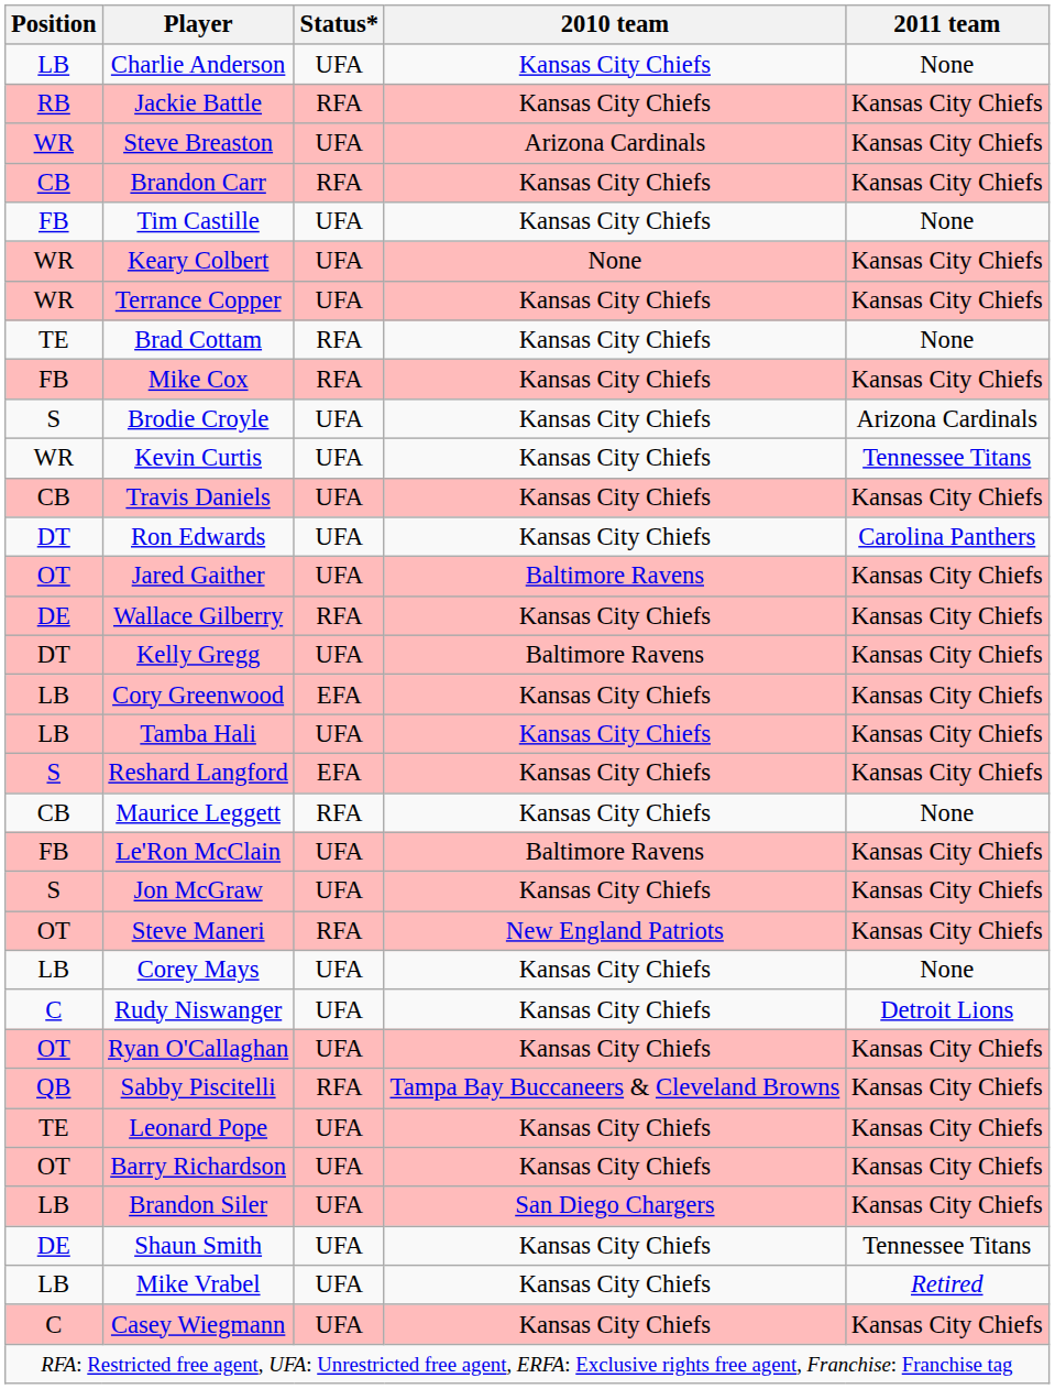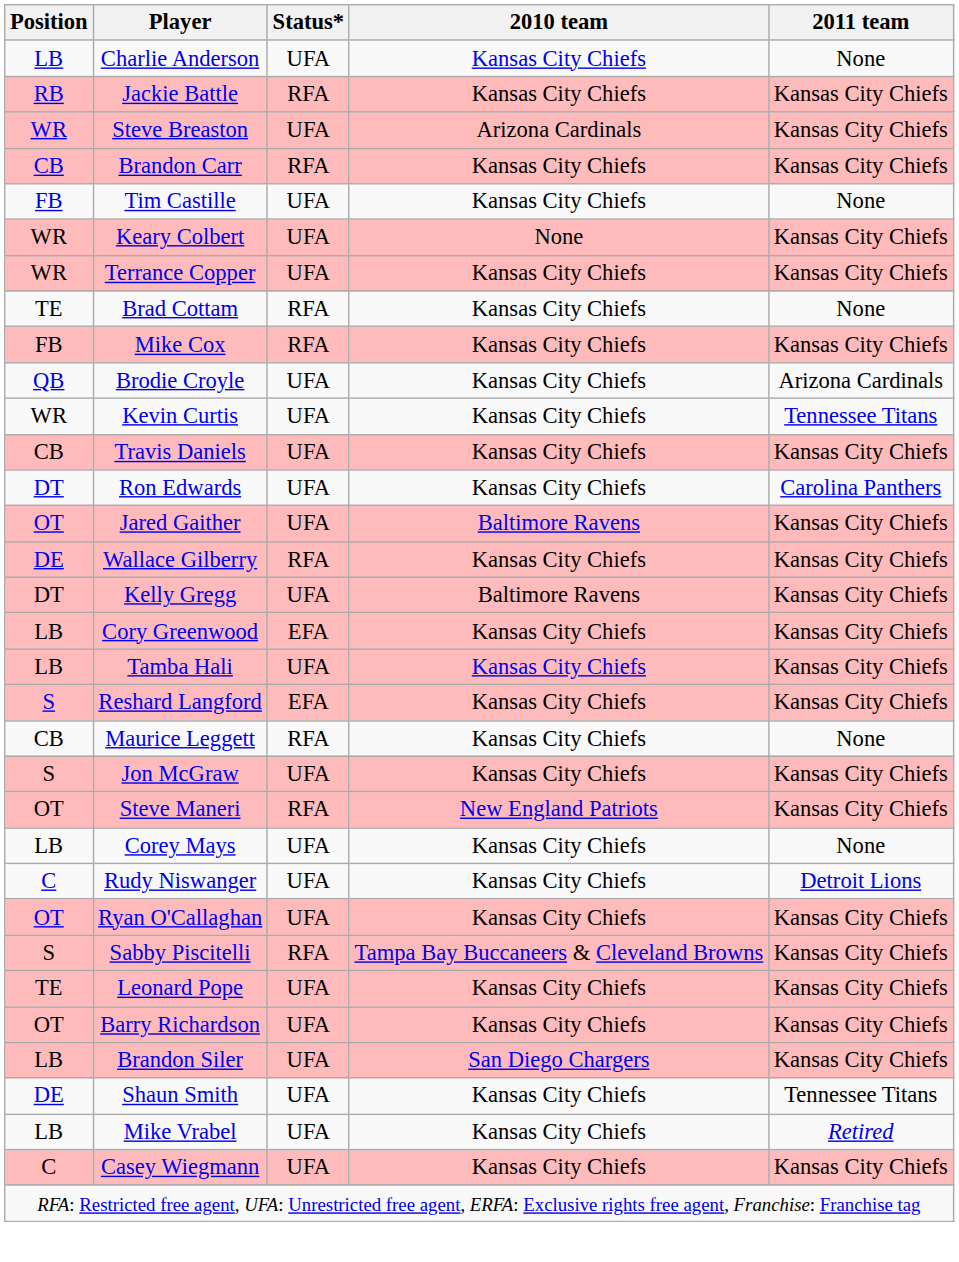 <table class="wikitable sortable" style="text-align:center">
 <tr>
 <th>Position</th>
 <th>Player</th>
 <th>Status*</th>
 <th>2010 team</th>
 <th>2011 team</th>
 </tr>
 <tr>
 <td><a href='#'>LB</a></td>
 <td><a href='#'>Charlie Anderson</a></td>
 <td>UFA</td>
 <td><a href='#'>Kansas City Chiefs</a></td>
 <td>None</td>
 </tr>
 <tr style="background:#fbb">
 <td><a href='#'>RB</a></td>
 <td><a href='#'>Jackie Battle</a></td>
 <td>RFA</td>
 <td>Kansas City Chiefs</td>
 <td>Kansas City Chiefs</td>
 </tr>
 <tr style="background:#fbb">
 <td><a href='#'>WR</a></td>
 <td><a href='#'>Steve Breaston</a></td>
 <td>UFA</td>
 <td>Arizona Cardinals</td>
 <td>Kansas City Chiefs</td>
 </tr>
 <tr style="background:#fbb">
 <td><a href='#'>CB</a></td>
 <td><a href='#'>Brandon Carr</a></td>
 <td>RFA</td>
 <td>Kansas City Chiefs</td>
 <td>Kansas City Chiefs</td>
 </tr>
 <tr>
 <td><a href='#'>FB</a></td>
 <td><a href='#'>Tim Castille</a></td>
 <td>UFA</td>
 <td>Kansas City Chiefs</td>
 <td>None</td>
 </tr>
 <tr style="background:#fbb">
 <td>WR</td>
 <td><a href='#'>Keary Colbert</a></td>
 <td>UFA</td>
 <td>None</td>
 <td>Kansas City Chiefs</td>
 </tr>
 <tr style="background:#fbb">
 <td>WR</td>
 <td><a href='#'>Terrance Copper</a></td>
 <td>UFA</td>
 <td>Kansas City Chiefs</td>
 <td>Kansas City Chiefs</td>
 </tr>
 <tr>
 <td>TE</td>
 <td><a href='#'>Brad Cottam</a></td>
 <td>RFA</td>
 <td>Kansas City Chiefs</td>
 <td>None</td>
 </tr>
 <tr style="background:#fbb">
 <td>FB</td>
 <td><a href='#'>Mike Cox</a></td>
 <td>RFA</td>
 <td>Kansas City Chiefs</td>
 <td>Kansas City Chiefs</td>
 </tr>
 <tr>
-<td>S</td>
+<td><a href='#'>QB</a></td>
 <td><a href='#'>Brodie Croyle</a></td>
 <td>UFA</td>
 <td>Kansas City Chiefs</td>
 <td>Arizona Cardinals</td>
 </tr>
 <tr>
 <td>WR</td>
 <td><a href='#'>Kevin Curtis</a></td>
 <td>UFA</td>
 <td>Kansas City Chiefs</td>
 <td><a href='#'>Tennessee Titans</a></td>
 </tr>
 <tr style="background:#fbb">
 <td Cornerback>CB</td>
 <td><a href='#'>Travis Daniels</a></td>
 <td>UFA</td>
 <td>Kansas City Chiefs</td>
 <td>Kansas City Chiefs</td>
 </tr>
 <tr>
 <td><a href='#'>DT</a></td>
 <td><a href='#'>Ron Edwards</a></td>
 <td>UFA</td>
 <td>Kansas City Chiefs</td>
 <td><a href='#'>Carolina Panthers</a></td>
 </tr>
 <tr style="background:#fbb">
 <td><a href='#'>OT</a></td>
 <td><a href='#'>Jared Gaither</a></td>
 <td>UFA</td>
 <td><a href='#'>Baltimore Ravens</a></td>
 <td>Kansas City Chiefs</td>
 </tr>
 <tr style="background:#fbb">
 <td><a href='#'>DE</a></td>
 <td><a href='#'>Wallace Gilberry</a></td>
 <td>RFA</td>
 <td>Kansas City Chiefs</td>
 <td>Kansas City Chiefs</td>
 </tr>
 <tr style="background:#fbb">
 <td>DT</td>
 <td><a href='#'>Kelly Gregg</a></td>
 <td>UFA</td>
 <td>Baltimore Ravens</td>
 <td>Kansas City Chiefs</td>
 </tr>
 <tr style="background:#fbb">
 <td>LB</td>
 <td><a href='#'>Cory Greenwood</a></td>
 <td>EFA</td>
 <td>Kansas City Chiefs</td>
 <td>Kansas City Chiefs</td>
 </tr>
 <tr style="background:#fbb">
 <td>LB</td>
 <td><a href='#'>Tamba Hali</a></td>
 <td>UFA</td>
 <td><a href='#'>Kansas City Chiefs</a></td>
 <td>Kansas City Chiefs</td>
 </tr>
 <tr style="background:#fbb">
 <td><a href='#'>S</a></td>
 <td><a href='#'>Reshard Langford</a></td>
 <td>EFA</td>
 <td>Kansas City Chiefs</td>
 <td>Kansas City Chiefs</td>
 </tr>
 <tr>
 <td>CB</td>
 <td><a href='#'>Maurice Leggett</a></td>
 <td>RFA</td>
 <td>Kansas City Chiefs</td>
 <td>None</td>
 </tr>
 <tr style="background:#fbb">
-<td>FB</td>
-<td><a href='#'>Le'Ron McClain</a></td>
-<td>UFA</td>
-<td>Baltimore Ravens</td>
-<td>Kansas City Chiefs</td>
-</tr>
-<tr style="background:#fbb">
 <td>S</td>
 <td><a href='#'>Jon McGraw</a></td>
 <td>UFA</td>
 <td>Kansas City Chiefs</td>
 <td>Kansas City Chiefs</td>
 </tr>
 <tr style="background:#fbb">
 <td>OT</td>
 <td><a href='#'>Steve Maneri</a></td>
 <td>RFA</td>
 <td><a href='#'>New England Patriots</a></td>
 <td>Kansas City Chiefs</td>
 </tr>
 <tr>
 <td>LB</td>
 <td><a href='#'>Corey Mays</a></td>
 <td>UFA</td>
 <td>Kansas City Chiefs</td>
 <td>None</td>
 </tr>
 <tr>
 <td><a href='#'>C</a></td>
 <td><a href='#'>Rudy Niswanger</a></td>
 <td>UFA</td>
 <td>Kansas City Chiefs</td>
 <td><a href='#'>Detroit Lions</a></td>
 </tr>
 <tr style="background:#fbb">
 <td><a href='#'>OT</a></td>
 <td><a href='#'>Ryan O'Callaghan</a></td>
 <td>UFA</td>
 <td>Kansas City Chiefs</td>
 <td>Kansas City Chiefs</td>
 </tr>
 <tr style="background:#fbb">
-<td><a href='#'>QB</a></td>
+<td>S</td>
 <td><a href='#'>Sabby Piscitelli</a></td>
 <td>RFA</td>
 <td><a href='#'>Tampa Bay Buccaneers</a> & <a href='#'>Cleveland Browns</a></td>
 <td>Kansas City Chiefs</td>
 </tr>
 <tr style="background:#fbb">
 <td Tight end>TE</td>
 <td><a href='#'>Leonard Pope</a></td>
 <td>UFA</td>
 <td>Kansas City Chiefs</td>
 <td>Kansas City Chiefs</td>
 </tr>
 <tr style="background:#fbb">
 <td>OT</td>
 <td><a href='#'>Barry Richardson</a></td>
 <td>UFA</td>
 <td>Kansas City Chiefs</td>
 <td>Kansas City Chiefs</td>
 </tr>
 <tr style="background:#fbb">
 <td>LB</td>
 <td><a href='#'>Brandon Siler</a></td>
 <td>UFA</td>
 <td><a href='#'>San Diego Chargers</a></td>
 <td>Kansas City Chiefs</td>
 </tr>
 <tr>
 <td><a href='#'>DE</a></td>
 <td><a href='#'>Shaun Smith</a></td>
 <td>UFA</td>
 <td>Kansas City Chiefs</td>
 <td>Tennessee Titans</td>
 </tr>
 <tr>
 <td>LB</td>
 <td><a href='#'>Mike Vrabel</a></td>
 <td>UFA</td>
 <td>Kansas City Chiefs</td>
 <td><em><a href='#'>Retired</a></em></td>
 </tr>
 <tr style="background:#fbb">
 <td>C</td>
 <td><a href='#'>Casey Wiegmann</a></td>
 <td>UFA</td>
 <td>Kansas City Chiefs</td>
 <td>Kansas City Chiefs</td>
 </tr>
 <tr>
 <td colspan=5><small><em>RFA</em>: <a href='#'>Restricted free agent</a>, <em>UFA</em>: <a href='#'>Unrestricted free agent</a>, <em>ERFA</em>: <a href='#'>Exclusive rights free agent</a>, <em>Franchise</em>: <a href='#'>Franchise tag</a></small></td>
 </tr>
 </table>
